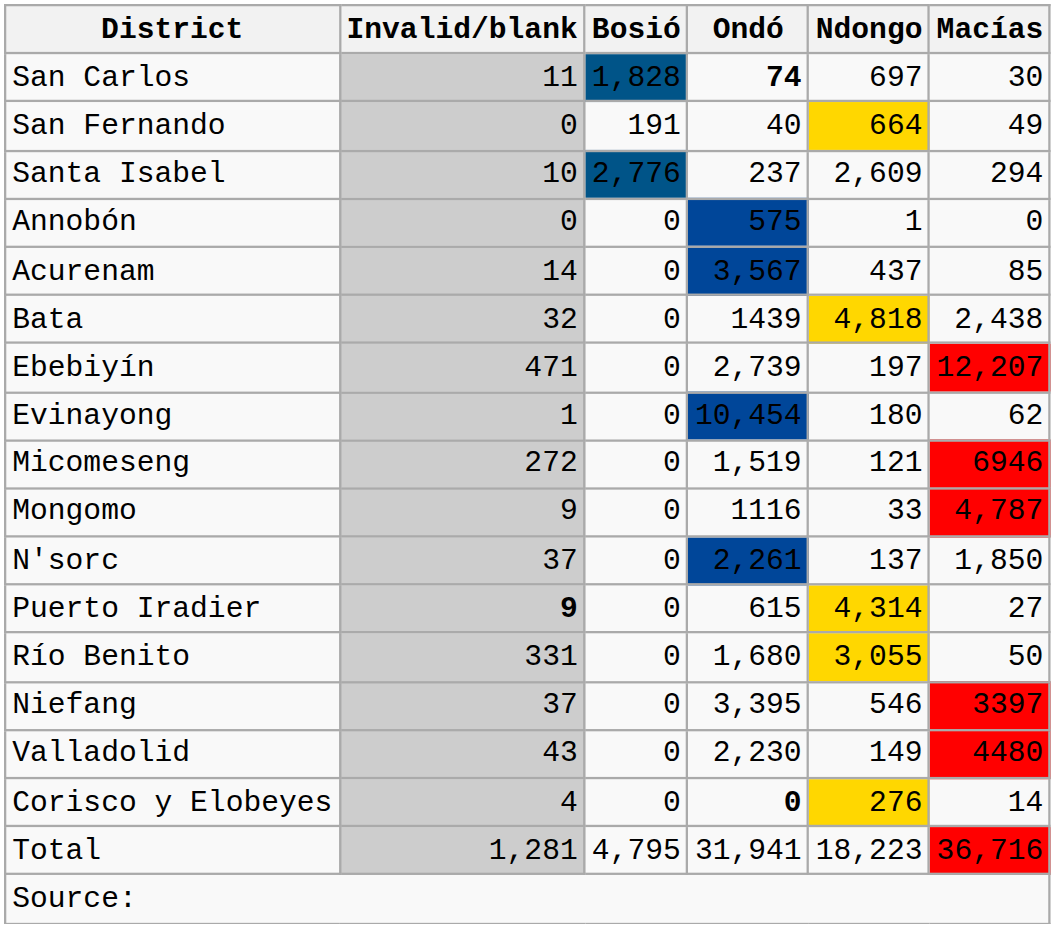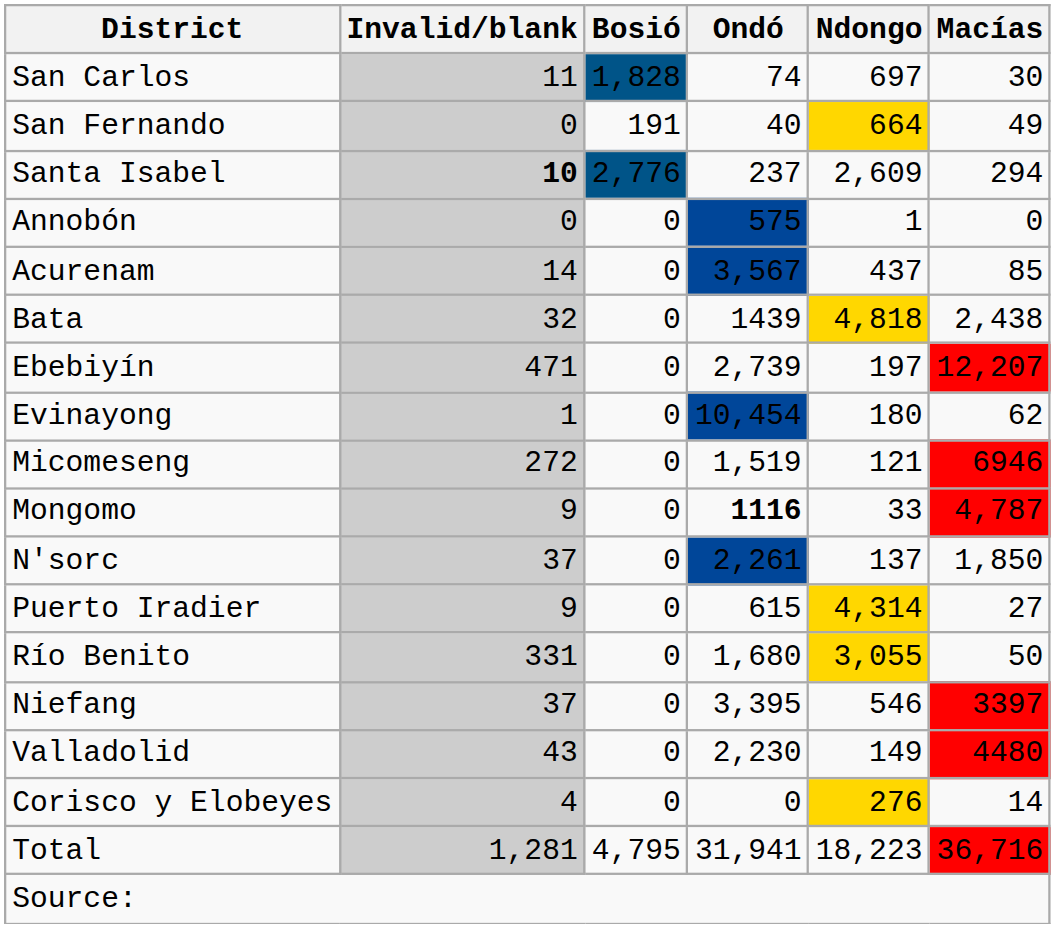 <table class=wikitable style=text-align:right>
 <tr>
 <th>District</th>
 <th>Invalid/blank</th>
 <th>Bosió</th>
 <th>Ondó</th>
 <th>Ndongo</th>
 <th>Macías</th>
 </tr>
 <tr>
 <td align=left>San Carlos</td>
 <td bgcolor=#cdcdcd>11</td>
 <td bgcolor=#005488>1,828</td>
-<td><strong>74</strong></td>
+<td>74</td>
 <td>697</td>
 <td>30</td>
 </tr>
 <tr>
 <td align=left>San Fernando</td>
 <td bgcolor=#cdcdcd>0</td>
 <td>191</td>
 <td>40</td>
 <td bgcolor=#FFD700>664</td>
 <td>49</td>
 </tr>
 <tr>
 <td align=left>Santa Isabel</td>
-<td bgcolor=#cdcdcd>10</td>
+<td bgcolor=#cdcdcd><strong>10</strong></td>
 <td bgcolor=#005488>2,776</td>
 <td>237</td>
 <td>2,609</td>
 <td>294</td>
 </tr>
 <tr>
 <td align=left>Annobón</td>
 <td bgcolor=#cdcdcd>0</td>
 <td>0</td>
 <td bgcolor=#004699>575</td>
 <td>1</td>
 <td>0</td>
 </tr>
 <tr>
 <td align=left>Acurenam</td>
 <td bgcolor=#cdcdcd>14</td>
 <td>0</td>
 <td bgcolor=#004699>3,567</td>
 <td>437</td>
 <td>85</td>
 </tr>
 <tr>
 <td align=left>Bata</td>
 <td bgcolor=#cdcdcd>32</td>
 <td>0</td>
 <td>1439</td>
 <td bgcolor=#FFD700>4,818</td>
 <td>2,438</td>
 </tr>
 <tr>
 <td align=left>Ebebiyín</td>
 <td bgcolor=#cdcdcd>471</td>
 <td>0</td>
 <td>2,739</td>
 <td>197</td>
 <td bgcolor=#FF0000>12,207</td>
 </tr>
 <tr>
 <td align=left>Evinayong</td>
 <td bgcolor=#cdcdcd>1</td>
 <td>0</td>
 <td bgcolor=#004699>10,454</td>
 <td>180</td>
 <td>62</td>
 </tr>
 <tr>
 <td align=left>Micomeseng</td>
 <td bgcolor=#cdcdcd>272</td>
 <td>0</td>
 <td>1,519</td>
 <td>121</td>
 <td bgcolor=#FF0000>6946</td>
 </tr>
 <tr>
 <td align=left>Mongomo</td>
 <td bgcolor=#cdcdcd>9</td>
 <td>0</td>
-<td>1116</td>
+<td><strong>1116</strong></td>
 <td>33</td>
 <td bgcolor=#FF0000>4,787</td>
 </tr>
 <tr>
 <td align=left>N'sorc</td>
 <td bgcolor=#cdcdcd>37</td>
 <td>0</td>
 <td bgcolor=#004699>2,261</td>
 <td>137</td>
 <td>1,850</td>
 </tr>
 <tr>
 <td align=left>Puerto Iradier</td>
-<td bgcolor=#cdcdcd><strong>9</strong></td>
+<td bgcolor=#cdcdcd>9</td>
 <td>0</td>
 <td>615</td>
 <td bgcolor=#FFD700>4,314</td>
 <td>27</td>
 </tr>
 <tr>
 <td align=left>Río Benito</td>
 <td bgcolor=#cdcdcd>331</td>
 <td>0</td>
 <td>1,680</td>
 <td bgcolor=#FFD700>3,055</td>
 <td>50</td>
 </tr>
 <tr>
 <td align=left>Niefang</td>
 <td bgcolor=#cdcdcd>37</td>
 <td>0</td>
 <td>3,395</td>
 <td>546</td>
 <td bgcolor=#FF0000>3397</td>
 </tr>
 <tr>
 <td align=left>Valladolid</td>
 <td bgcolor=#cdcdcd>43</td>
 <td>0</td>
 <td>2,230</td>
 <td>149</td>
 <td bgcolor=#FF0000>4480</td>
 </tr>
 <tr>
 <td align=left>Corisco y Elobeyes</td>
 <td bgcolor=#cdcdcd>4</td>
 <td>0</td>
-<td><strong>0</strong></td>
+<td>0</td>
 <td bgcolor=#FFD700>276</td>
 <td>14</td>
 </tr>
 <tr>
 <td align=left>Total</td>
 <td bgcolor=#cdcdcd>1,281</td>
 <td>4,795</td>
 <td>31,941</td>
 <td>18,223</td>
 <td bgcolor=#ff0000>36,716</td>
 </tr>
 <tr>
 <td colspan=6 align=left>Source: </td>
 </tr>
 </table>
